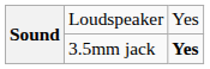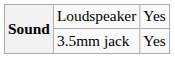 <table class="wikitable">
 <tr>
 <th rowspan="3">Sound</th>
 <td>Loudspeaker</td>
 <td>Yes</td>
 </tr>
 <tr>
 <td>3.5mm jack</td>
-<td><strong>Yes</strong></td>
+<td>Yes</td>
 </tr>
 </table>
